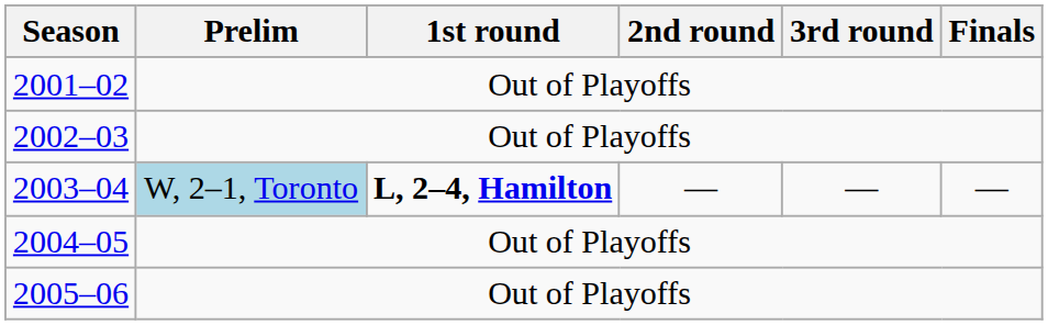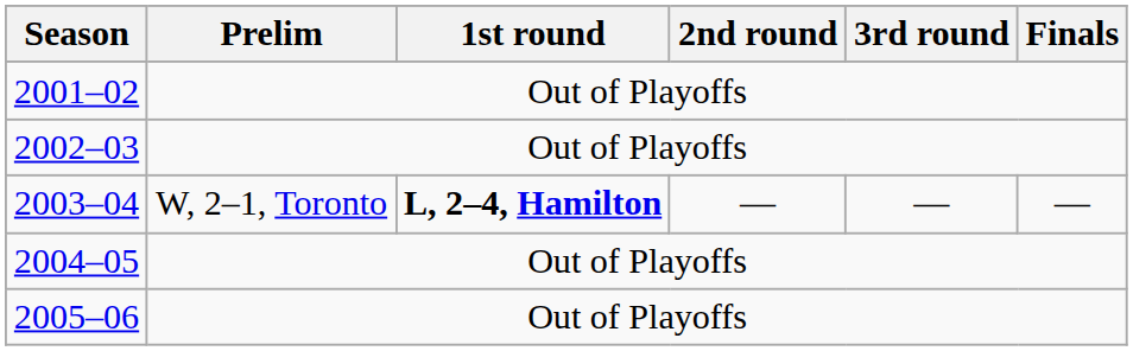 <table class="wikitable" style="text-align:center">
 <tr>
 <th>Season</th>
 <th>Prelim</th>
 <th>1st round</th>
 <th>2nd round</th>
 <th>3rd round</th>
 <th>Finals</th>
 </tr>
 <tr>
 <td><a href='#'>2001–02</a></td>
 <td colspan="5">Out of Playoffs</td>
 </tr>
 <tr>
 <td><a href='#'>2002–03</a></td>
 <td colspan="5">Out of Playoffs</td>
 </tr>
 <tr>
 <td><a href='#'>2003–04</a></td>
-<td style="background: lightblue;">W, 2–1, <a href='#'>Toronto</a></td>
+<td>W, 2–1, <a href='#'>Toronto</a></td>
 <td><strong>L, 2–4, <a href='#'>Hamilton</a></strong></td>
 <td>—</td>
 <td>—</td>
 <td>—</td>
 </tr>
 <tr>
 <td><a href='#'>2004–05</a></td>
 <td colspan="5">Out of Playoffs</td>
 </tr>
 <tr>
 <td><a href='#'>2005–06</a></td>
 <td colspan="5">Out of Playoffs</td>
 </tr>
 </table>
